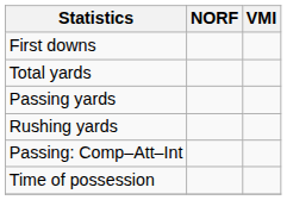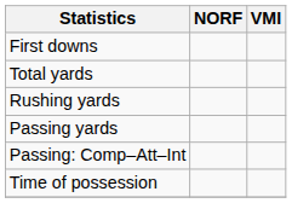 <table class="wikitable" style="float: left;">
 <tr>
 <th>Statistics</th>
 <th>NORF</th>
 <th>VMI</th>
 </tr>
 <tr>
 <td>First downs</td>
 <td></td>
 <td></td>
 </tr>
 <tr>
 <td>Total yards</td>
 <td></td>
 <td></td>
 </tr>
 <tr>
-<td>Passing yards</td>
+<td>Rushing yards</td>
 <td></td>
 <td></td>
 </tr>
 <tr>
-<td>Rushing yards</td>
+<td>Passing yards</td>
 <td></td>
 <td></td>
 </tr>
 <tr>
 <td>Passing: Comp–Att–Int</td>
 <td></td>
 <td></td>
 </tr>
 <tr>
 <td>Time of possession</td>
 <td></td>
 <td></td>
 </tr>
 <tr>
 </tr>
 </table>
